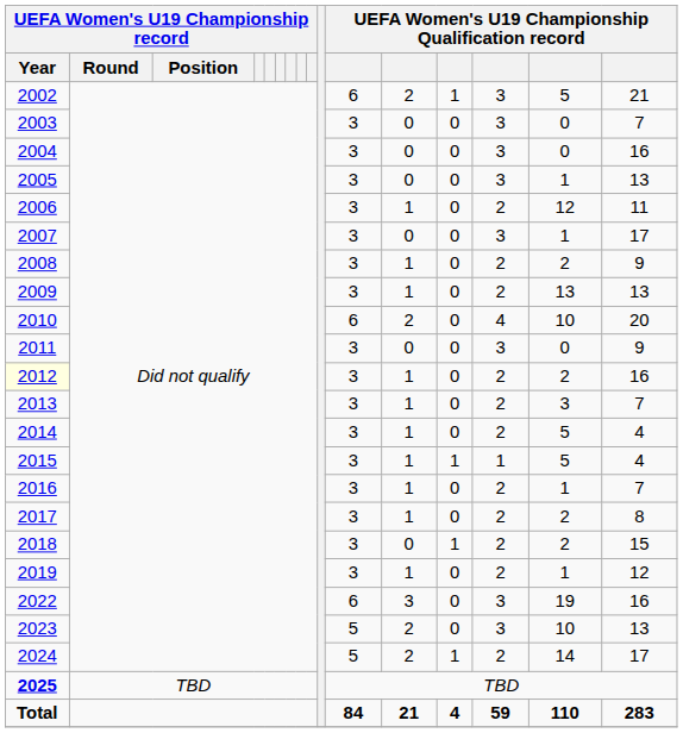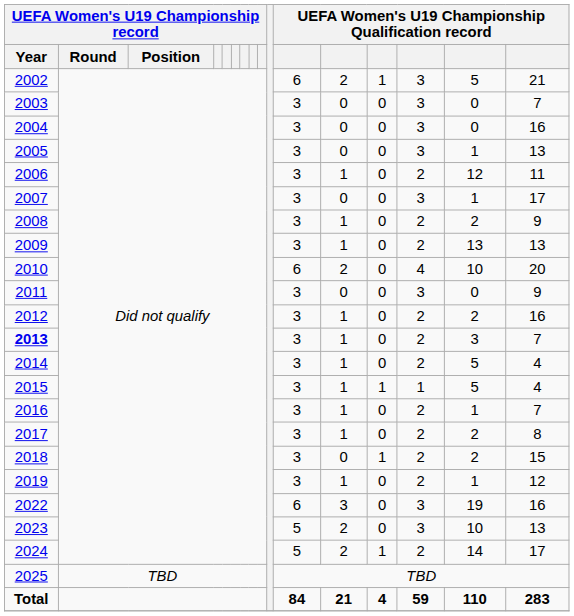 <table class="wikitable" style="text-align: center;">
 <tr>
 <th colspan=9><a href='#'>UEFA Women's U19 Championship record</a></th>
 <th width=1% rowspan=25></th>
 <th colspan=6>UEFA Women's U19 Championship Qualification record</th>
 </tr>
 <tr>
 <th>Year</th>
 <th>Round</th>
 <th>Position</th>
 <th></th>
 <th></th>
 <th></th>
 <th></th>
 <th></th>
 <th></th>
 <th></th>
 <th></th>
 <th></th>
 <th></th>
 <th></th>
 <th></th>
 </tr>
 <tr>
 <td> <a href='#'>2002</a></td>
 <td rowspan=21 colspan=8><em>Did not qualify</em></td>
 <td>6</td>
 <td>2</td>
 <td>1</td>
 <td>3</td>
 <td>5</td>
 <td>21</td>
 </tr>
 <tr>
 <td> <a href='#'>2003</a></td>
 <td>3</td>
 <td>0</td>
 <td>0</td>
 <td>3</td>
 <td>0</td>
 <td>7</td>
 </tr>
 <tr>
 <td> <a href='#'>2004</a></td>
 <td>3</td>
 <td>0</td>
 <td>0</td>
 <td>3</td>
 <td>0</td>
 <td>16</td>
 </tr>
 <tr>
 <td> <a href='#'>2005</a></td>
 <td>3</td>
 <td>0</td>
 <td>0</td>
 <td>3</td>
 <td>1</td>
 <td>13</td>
 </tr>
 <tr>
 <td> <a href='#'>2006</a></td>
 <td>3</td>
 <td>1</td>
 <td>0</td>
 <td>2</td>
 <td>12</td>
 <td>11</td>
 </tr>
 <tr>
 <td> <a href='#'>2007</a></td>
 <td>3</td>
 <td>0</td>
 <td>0</td>
 <td>3</td>
 <td>1</td>
 <td>17</td>
 </tr>
 <tr>
 <td> <a href='#'>2008</a></td>
 <td>3</td>
 <td>1</td>
 <td>0</td>
 <td>2</td>
 <td>2</td>
 <td>9</td>
 </tr>
 <tr>
 <td> <a href='#'>2009</a></td>
 <td>3</td>
 <td>1</td>
 <td>0</td>
 <td>2</td>
 <td>13</td>
 <td>13</td>
 </tr>
 <tr>
 <td> <a href='#'>2010</a></td>
 <td>6</td>
 <td>2</td>
 <td>0</td>
 <td>4</td>
 <td>10</td>
 <td>20</td>
 </tr>
 <tr>
 <td> <a href='#'>2011</a></td>
 <td>3</td>
 <td>0</td>
 <td>0</td>
 <td>3</td>
 <td>0</td>
 <td>9</td>
 </tr>
 <tr>
-<td style="background: lightyellow;"> <a href='#'>2012</a></td>
+<td> <a href='#'>2012</a></td>
 <td>3</td>
 <td>1</td>
 <td>0</td>
 <td>2</td>
 <td>2</td>
 <td>16</td>
 </tr>
 <tr>
-<td> <a href='#'>2013</a></td>
+<td><strong> <a href='#'>2013</a></strong></td>
 <td>3</td>
 <td>1</td>
 <td>0</td>
 <td>2</td>
 <td>3</td>
 <td>7</td>
 </tr>
 <tr>
 <td> <a href='#'>2014</a></td>
 <td>3</td>
 <td>1</td>
 <td>0</td>
 <td>2</td>
 <td>5</td>
 <td>4</td>
 </tr>
 <tr>
 <td> <a href='#'>2015</a></td>
 <td>3</td>
 <td>1</td>
 <td>1</td>
 <td>1</td>
 <td>5</td>
 <td>4</td>
 </tr>
 <tr>
 <td> <a href='#'>2016</a></td>
 <td>3</td>
 <td>1</td>
 <td>0</td>
 <td>2</td>
 <td>1</td>
 <td>7</td>
 </tr>
 <tr>
 <td> <a href='#'>2017</a></td>
 <td>3</td>
 <td>1</td>
 <td>0</td>
 <td>2</td>
 <td>2</td>
 <td>8</td>
 </tr>
 <tr>
 <td> <a href='#'>2018</a></td>
 <td>3</td>
 <td>0</td>
 <td>1</td>
 <td>2</td>
 <td>2</td>
 <td>15</td>
 </tr>
 <tr>
 <td> <a href='#'>2019</a></td>
 <td>3</td>
 <td>1</td>
 <td>0</td>
 <td>2</td>
 <td>1</td>
 <td>12</td>
 </tr>
 <tr>
 <td> <a href='#'>2022</a></td>
 <td>6</td>
 <td>3</td>
 <td>0</td>
 <td>3</td>
 <td>19</td>
 <td>16</td>
 </tr>
 <tr>
 <td> <a href='#'>2023</a></td>
 <td>5</td>
 <td>2</td>
 <td>0</td>
 <td>3</td>
 <td>10</td>
 <td>13</td>
 </tr>
 <tr>
 <td> <a href='#'>2024</a></td>
 <td>5</td>
 <td>2</td>
 <td>1</td>
 <td>2</td>
 <td>14</td>
 <td>17</td>
 </tr>
 <tr>
-<td><strong> <a href='#'>2025</a></strong></td>
+<td> <a href='#'>2025</a></td>
 <td colspan=8><em>TBD</em></td>
 <td colspan=6><em>TBD</em></td>
 </tr>
 <tr>
 <td><strong>Total</strong></td>
 <td colspan=8></td>
 <td><strong>84</strong></td>
 <td><strong>21</strong></td>
 <td><strong>4</strong></td>
 <td><strong>59</strong></td>
 <td><strong>110</strong></td>
 <td><strong>283</strong></td>
 </tr>
 <tr>
 </tr>
 </table>
